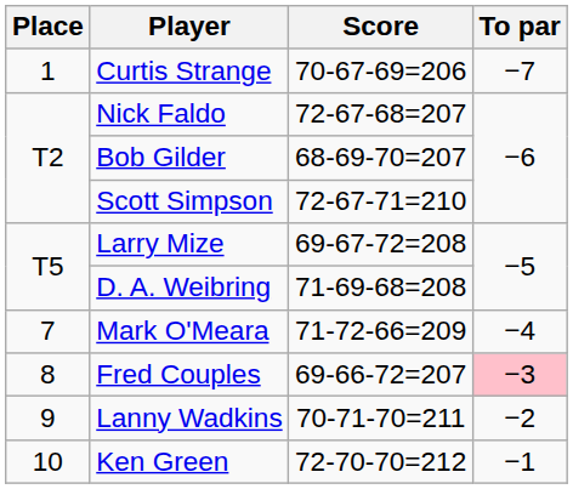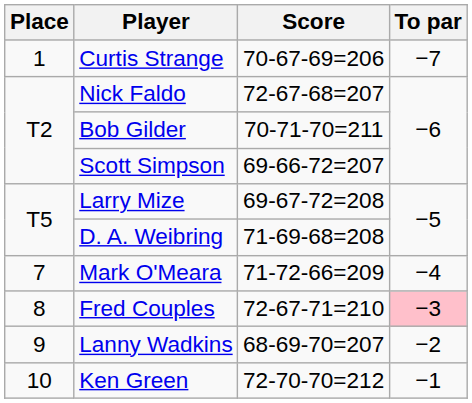 <table class="wikitable">
 <tr>
 <th>Place</th>
 <th>Player</th>
 <th>Score</th>
 <th>To par</th>
 </tr>
 <tr>
 <td align=center>1</td>
 <td> <a href='#'>Curtis Strange</a></td>
 <td align=center>70-67-69=206</td>
 <td align=center>−7</td>
 </tr>
 <tr>
 <td rowspan="3" align=center>T2</td>
 <td> <a href='#'>Nick Faldo</a></td>
 <td align=center>72-67-68=207</td>
 <td rowspan="3" align=center>−6</td>
 </tr>
 <tr>
 <td> <a href='#'>Bob Gilder</a></td>
-<td align=center>68-69-70=207</td>
+<td align=center>70-71-70=211</td>
 </tr>
 <tr>
 <td> <a href='#'>Scott Simpson</a></td>
-<td align=center>72-67-71=210</td>
+<td align=center>69-66-72=207</td>
 </tr>
 <tr>
 <td rowspan="2" align=center>T5</td>
 <td> <a href='#'>Larry Mize</a></td>
 <td align=center>69-67-72=208</td>
 <td rowspan="2" align=center>−5</td>
 </tr>
 <tr>
 <td> <a href='#'>D. A. Weibring</a></td>
 <td align=center>71-69-68=208</td>
 </tr>
 <tr>
 <td align=center>7</td>
 <td> <a href='#'>Mark O'Meara</a></td>
 <td align=center>71-72-66=209</td>
 <td align=center>−4</td>
 </tr>
 <tr>
 <td align=center>8</td>
 <td> <a href='#'>Fred Couples</a></td>
-<td align=center>69-66-72=207</td>
+<td align=center>72-67-71=210</td>
 <td align=center style="background: pink;">−3</td>
 </tr>
 <tr>
 <td align=center>9</td>
 <td> <a href='#'>Lanny Wadkins</a></td>
-<td align=center>70-71-70=211</td>
+<td align=center>68-69-70=207</td>
 <td align=center>−2</td>
 </tr>
 <tr>
 <td align=center>10</td>
 <td> <a href='#'>Ken Green</a></td>
 <td align=center>72-70-70=212</td>
 <td align=center>−1</td>
 </tr>
 </table>
